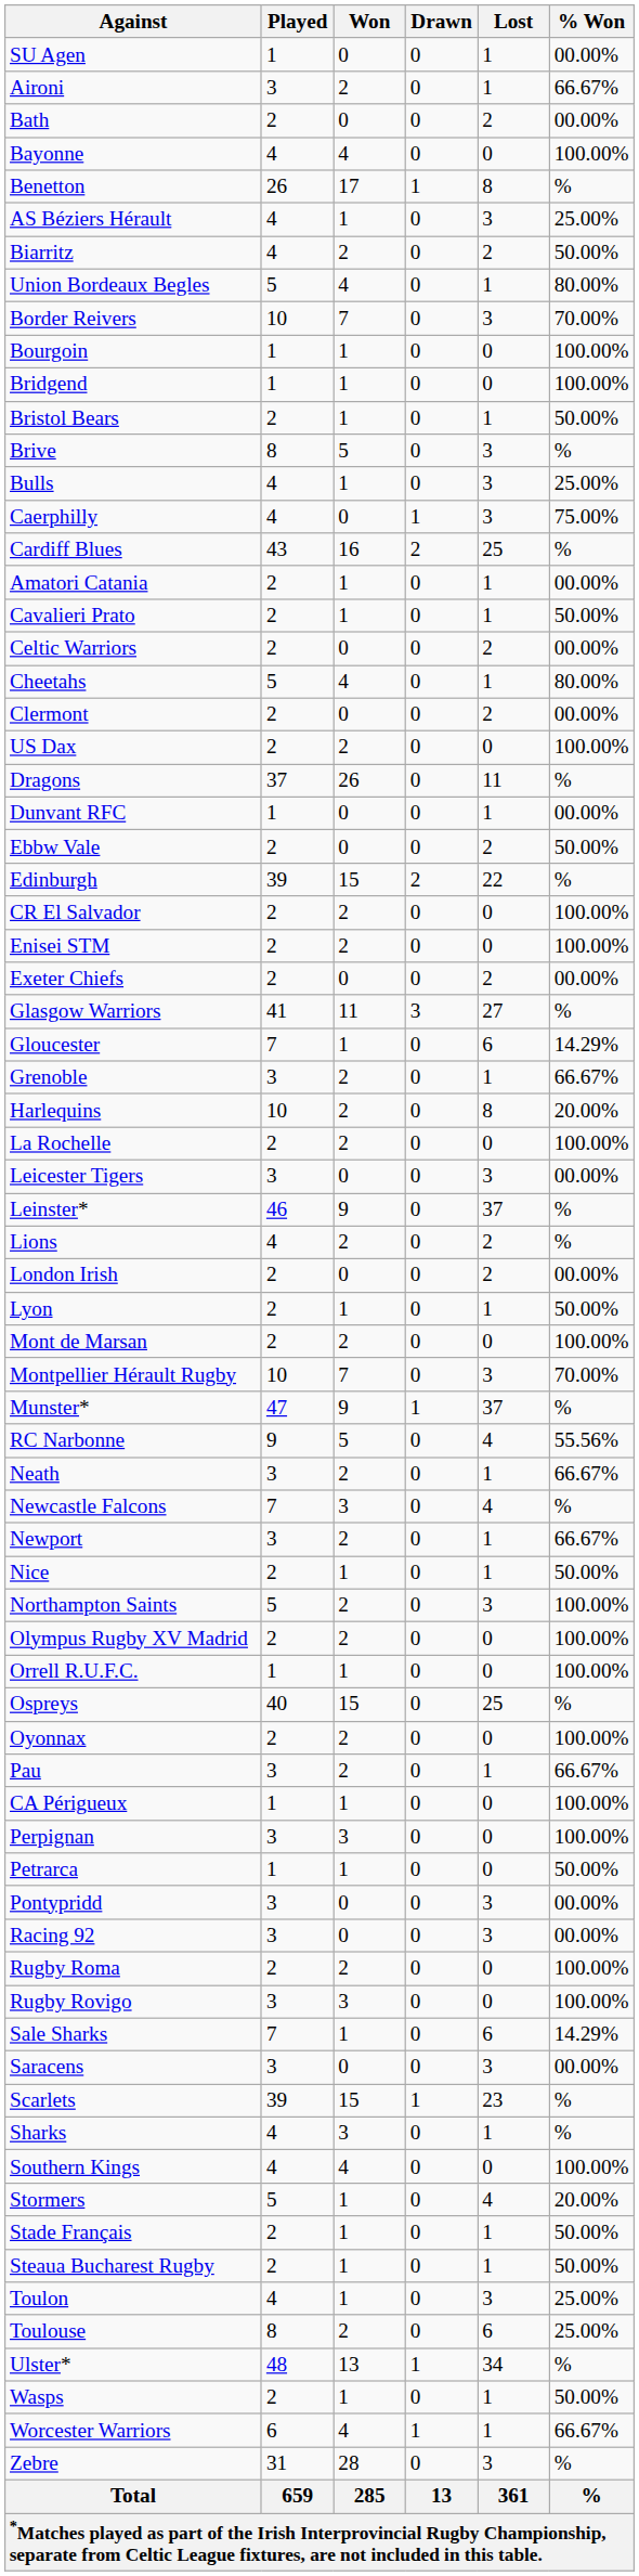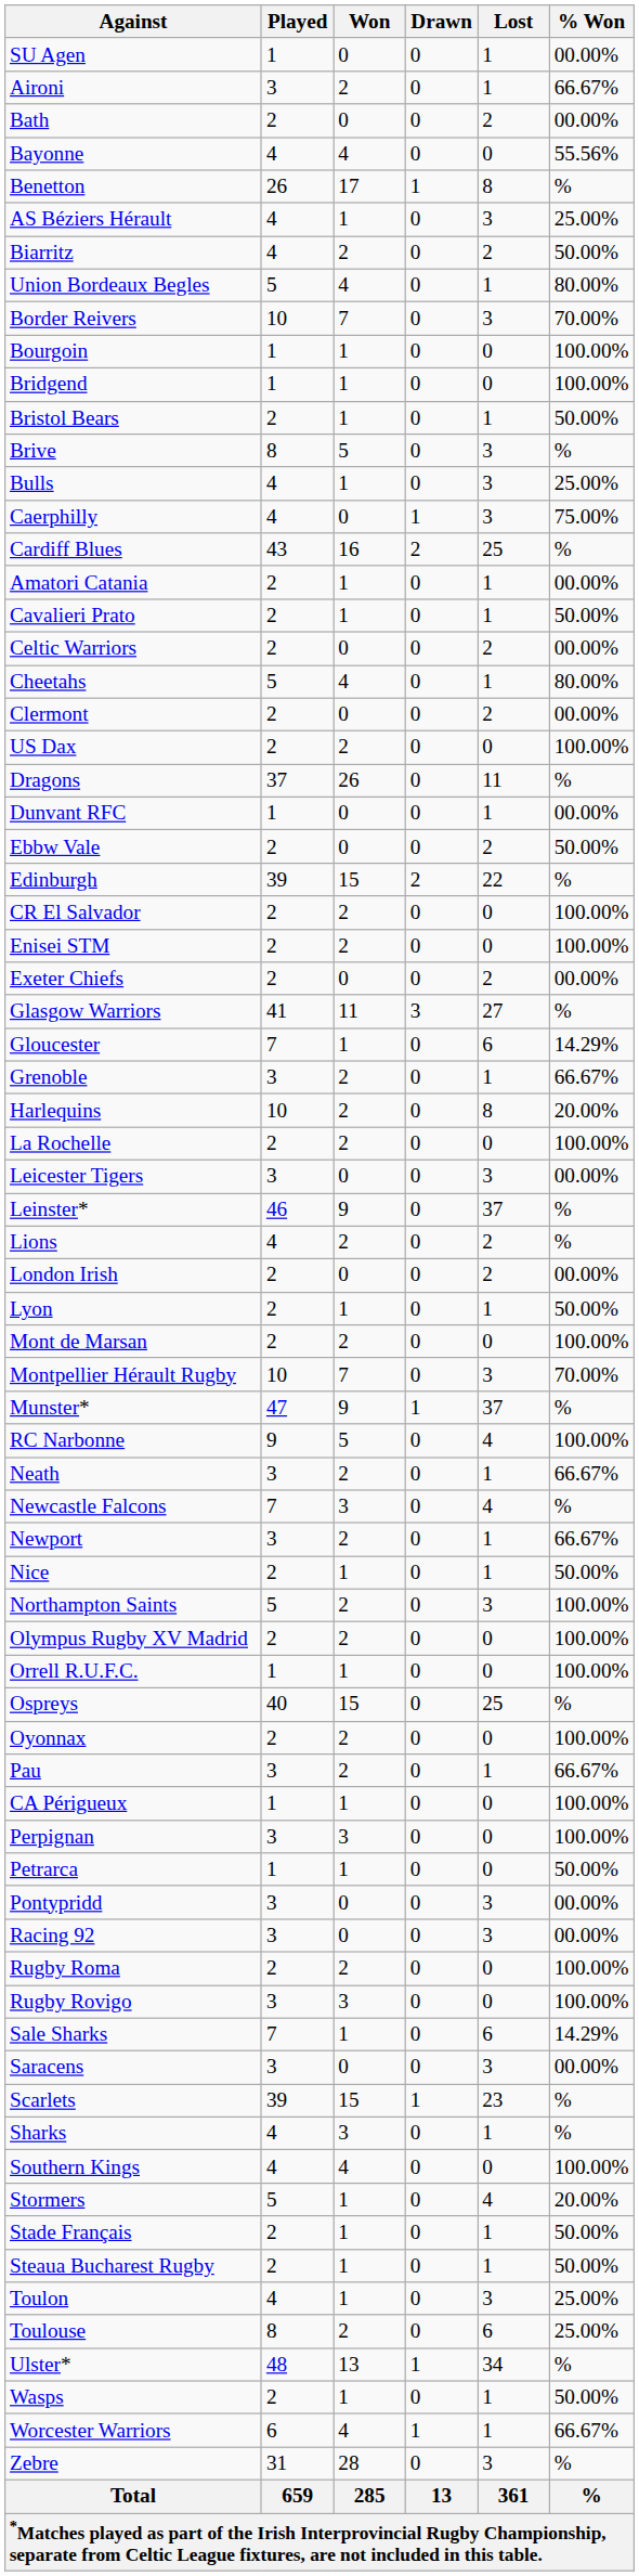 <table class = "wikitable sortable" style="text-align:left">
 <tr>
 <th width=190xp>Against</th>
 <th width=48xp>Played</th>
 <th width=48xp>Won</th>
 <th width=48xp>Drawn</th>
 <th width=48xp>Lost</th>
 <th width=48xp>% Won</th>
 </tr>
 <tr>
 <td style="text-align:left"> <a href='#'>SU Agen</a></td>
 <td>1</td>
 <td>0</td>
 <td>0</td>
 <td>1</td>
 <td>00.00%</td>
 </tr>
 <tr>
 <td style="text-align:left"> <a href='#'>Aironi</a></td>
 <td>3</td>
 <td>2</td>
 <td>0</td>
 <td>1</td>
 <td>66.67%</td>
 </tr>
 <tr>
 <td style="text-align:left"> <a href='#'>Bath</a></td>
 <td>2</td>
 <td>0</td>
 <td>0</td>
 <td>2</td>
 <td>00.00%</td>
 </tr>
 <tr>
 <td style="text-aling:left"> <a href='#'>Bayonne</a></td>
 <td>4</td>
 <td>4</td>
 <td>0</td>
 <td>0</td>
-<td>100.00%</td>
+<td>55.56%</td>
 </tr>
 <tr>
 <td style="text-align:left"> <a href='#'>Benetton</a></td>
 <td>26</td>
 <td>17</td>
 <td>1</td>
 <td>8</td>
 <td>%</td>
 </tr>
 <tr>
 <td style="text-align:left"> <a href='#'>AS Béziers Hérault</a></td>
 <td>4</td>
 <td>1</td>
 <td>0</td>
 <td>3</td>
 <td>25.00%</td>
 </tr>
 <tr>
 <td style="text-align:left"> <a href='#'>Biarritz</a></td>
 <td>4</td>
 <td>2</td>
 <td>0</td>
 <td>2</td>
 <td>50.00%</td>
 </tr>
 <tr>
 <td style="text-align:left"> <a href='#'>Union Bordeaux Begles</a></td>
 <td>5</td>
 <td>4</td>
 <td>0</td>
 <td>1</td>
 <td>80.00%</td>
 </tr>
 <tr>
 <td style="text-align:left"> <a href='#'>Border Reivers</a></td>
 <td>10</td>
 <td>7</td>
 <td>0</td>
 <td>3</td>
 <td>70.00%</td>
 </tr>
 <tr>
 <td style="text-align:left"> <a href='#'>Bourgoin</a></td>
 <td>1</td>
 <td>1</td>
 <td>0</td>
 <td>0</td>
 <td>100.00%</td>
 </tr>
 <tr>
 <td style="text-align:left"> <a href='#'>Bridgend</a></td>
 <td>1</td>
 <td>1</td>
 <td>0</td>
 <td>0</td>
 <td>100.00%</td>
 </tr>
 <tr>
 <td style="text-align:left"> <a href='#'>Bristol Bears</a></td>
 <td>2</td>
 <td>1</td>
 <td>0</td>
 <td>1</td>
 <td>50.00%</td>
 </tr>
 <tr>
 <td style="text-align:left"> <a href='#'>Brive</a></td>
 <td>8</td>
 <td>5</td>
 <td>0</td>
 <td>3</td>
 <td>%</td>
 </tr>
 <tr>
 <td style="text-align:left"> <a href='#'>Bulls</a></td>
 <td>4</td>
 <td>1</td>
 <td>0</td>
 <td>3</td>
 <td>25.00%</td>
 </tr>
 <tr>
 <td style="text-align:left"> <a href='#'>Caerphilly</a></td>
 <td>4</td>
 <td>0</td>
 <td>1</td>
 <td>3</td>
 <td>75.00%</td>
 </tr>
 <tr>
 <td style="text-align:left"> <a href='#'>Cardiff Blues</a></td>
 <td>43</td>
 <td>16</td>
 <td>2</td>
 <td>25</td>
 <td>%</td>
 </tr>
 <tr>
 <td style="text-align:left"> <a href='#'>Amatori Catania</a></td>
 <td>2</td>
 <td>1</td>
 <td>0</td>
 <td>1</td>
 <td>00.00%</td>
 </tr>
 <tr>
 <td style="text-align:left"> <a href='#'>Cavalieri Prato</a></td>
 <td>2</td>
 <td>1</td>
 <td>0</td>
 <td>1</td>
 <td>50.00%</td>
 </tr>
 <tr>
 <td style="text-align:left"> <a href='#'>Celtic Warriors</a></td>
 <td>2</td>
 <td>0</td>
 <td>0</td>
 <td>2</td>
 <td>00.00%</td>
 </tr>
 <tr>
 <td style="text-align:left"> <a href='#'>Cheetahs</a></td>
 <td>5</td>
 <td>4</td>
 <td>0</td>
 <td>1</td>
 <td>80.00%</td>
 </tr>
 <tr>
 <td style="text-align:left"> <a href='#'>Clermont</a></td>
 <td>2</td>
 <td>0</td>
 <td>0</td>
 <td>2</td>
 <td>00.00%</td>
 </tr>
 <tr>
 <td style="text-align:left"> <a href='#'>US Dax</a></td>
 <td>2</td>
 <td>2</td>
 <td>0</td>
 <td>0</td>
 <td>100.00%</td>
 </tr>
 <tr>
 <td style="text-align:left"> <a href='#'>Dragons</a></td>
 <td>37</td>
 <td>26</td>
 <td>0</td>
 <td>11</td>
 <td>%</td>
 </tr>
 <tr>
 <td style="text-align:left"> <a href='#'>Dunvant RFC</a></td>
 <td>1</td>
 <td>0</td>
 <td>0</td>
 <td>1</td>
 <td>00.00%</td>
 </tr>
 <tr>
 <td style="text-align:left"> <a href='#'>Ebbw Vale</a></td>
 <td>2</td>
 <td>0</td>
 <td>0</td>
 <td>2</td>
 <td>50.00%</td>
 </tr>
 <tr>
 <td style="text-align:left"> <a href='#'>Edinburgh</a></td>
 <td>39</td>
 <td>15</td>
 <td>2</td>
 <td>22</td>
 <td>%</td>
 </tr>
 <tr>
 <td style="text-align:left"> <a href='#'>CR El Salvador</a></td>
 <td>2</td>
 <td>2</td>
 <td>0</td>
 <td>0</td>
 <td>100.00%</td>
 </tr>
 <tr>
 <td style="text-align:left"> <a href='#'>Enisei STM</a></td>
 <td>2</td>
 <td>2</td>
 <td>0</td>
 <td>0</td>
 <td>100.00%</td>
 </tr>
 <tr>
 <td style="text-align:left"> <a href='#'>Exeter Chiefs</a></td>
 <td>2</td>
 <td>0</td>
 <td>0</td>
 <td>2</td>
 <td>00.00%</td>
 </tr>
 <tr>
 <td style="text-align:left"> <a href='#'>Glasgow Warriors</a></td>
 <td>41</td>
 <td>11</td>
 <td>3</td>
 <td>27</td>
 <td>%</td>
 </tr>
 <tr>
 <td style="text-align:left"> <a href='#'>Gloucester</a></td>
 <td>7</td>
 <td>1</td>
 <td>0</td>
 <td>6</td>
 <td>14.29%</td>
 </tr>
 <tr>
 <td style="text-align:left"> <a href='#'>Grenoble</a></td>
 <td>3</td>
 <td>2</td>
 <td>0</td>
 <td>1</td>
 <td>66.67%</td>
 </tr>
 <tr>
 <td style="text-align:left"> <a href='#'>Harlequins</a></td>
 <td>10</td>
 <td>2</td>
 <td>0</td>
 <td>8</td>
 <td>20.00%</td>
 </tr>
 <tr>
 <td style="text-align:left"> <a href='#'>La Rochelle</a></td>
 <td>2</td>
 <td>2</td>
 <td>0</td>
 <td>0</td>
 <td>100.00%</td>
 </tr>
 <tr>
 <td style="text-align:left"> <a href='#'>Leicester Tigers</a></td>
 <td>3</td>
 <td>0</td>
 <td>0</td>
 <td>3</td>
 <td>00.00%</td>
 </tr>
 <tr>
 <td style="text-align:left"> <a href='#'>Leinster</a>*</td>
 <td><a href='#'>46</a></td>
 <td>9</td>
 <td>0</td>
 <td>37</td>
 <td>%</td>
 </tr>
 <tr>
 <td style="text-align:left"> <a href='#'>Lions</a></td>
 <td>4</td>
 <td>2</td>
 <td>0</td>
 <td>2</td>
 <td>%</td>
 </tr>
 <tr>
 <td style="text-align:left"> <a href='#'>London Irish</a></td>
 <td>2</td>
 <td>0</td>
 <td>0</td>
 <td>2</td>
 <td>00.00%</td>
 </tr>
 <tr>
 <td style="text-align:left"> <a href='#'>Lyon</a></td>
 <td>2</td>
 <td>1</td>
 <td>0</td>
 <td>1</td>
 <td>50.00%</td>
 </tr>
 <tr>
 <td style="text-align:left"> <a href='#'>Mont de Marsan</a></td>
 <td>2</td>
 <td>2</td>
 <td>0</td>
 <td>0</td>
 <td>100.00%</td>
 </tr>
 <tr>
 <td style="text-align:left"> <a href='#'>Montpellier Hérault Rugby</a></td>
 <td>10</td>
 <td>7</td>
 <td>0</td>
 <td>3</td>
 <td>70.00%</td>
 </tr>
 <tr>
 <td style="text-align:left"> <a href='#'>Munster</a>*</td>
 <td><a href='#'>47</a></td>
 <td>9</td>
 <td>1</td>
 <td>37</td>
 <td>%</td>
 </tr>
 <tr>
 <td style="text-align:left"> <a href='#'>RC Narbonne</a></td>
 <td>9</td>
 <td>5</td>
 <td>0</td>
 <td>4</td>
-<td>55.56%</td>
+<td>100.00%</td>
 </tr>
 <tr>
 <td style="text-align:left"> <a href='#'>Neath</a></td>
 <td>3</td>
 <td>2</td>
 <td>0</td>
 <td>1</td>
 <td>66.67%</td>
 </tr>
 <tr>
 <td style="text-align:left"> <a href='#'>Newcastle Falcons</a></td>
 <td>7</td>
 <td>3</td>
 <td>0</td>
 <td>4</td>
 <td>%</td>
 </tr>
 <tr>
 <td style="text-align:left"> <a href='#'>Newport</a></td>
 <td>3</td>
 <td>2</td>
 <td>0</td>
 <td>1</td>
 <td>66.67%</td>
 </tr>
 <tr>
 <td style="text-align:left"> <a href='#'>Nice</a></td>
 <td>2</td>
 <td>1</td>
 <td>0</td>
 <td>1</td>
 <td>50.00%</td>
 </tr>
 <tr>
 <td style="text-align:left"> <a href='#'>Northampton Saints</a></td>
 <td>5</td>
 <td>2</td>
 <td>0</td>
 <td>3</td>
 <td>100.00%</td>
 </tr>
 <tr>
 <td style="text-align:left"> <a href='#'>Olympus Rugby XV Madrid</a></td>
 <td>2</td>
 <td>2</td>
 <td>0</td>
 <td>0</td>
 <td>100.00%</td>
 </tr>
 <tr>
 <td style="text-align:left"> <a href='#'>Orrell R.U.F.C.</a></td>
 <td>1</td>
 <td>1</td>
 <td>0</td>
 <td>0</td>
 <td>100.00%</td>
 </tr>
 <tr>
 <td style="text-align:left"> <a href='#'>Ospreys</a></td>
 <td>40</td>
 <td>15</td>
 <td>0</td>
 <td>25</td>
 <td>%</td>
 </tr>
 <tr>
 <td style="text-align:left"> <a href='#'>Oyonnax</a></td>
 <td>2</td>
 <td>2</td>
 <td>0</td>
 <td>0</td>
 <td>100.00%</td>
 </tr>
 <tr>
 <td style="text-align:left"> <a href='#'>Pau</a></td>
 <td>3</td>
 <td>2</td>
 <td>0</td>
 <td>1</td>
 <td>66.67%</td>
 </tr>
 <tr>
 <td style="text-align:left"> <a href='#'>CA Périgueux</a></td>
 <td>1</td>
 <td>1</td>
 <td>0</td>
 <td>0</td>
 <td>100.00%</td>
 </tr>
 <tr>
 <td style="text-align:left"> <a href='#'>Perpignan</a></td>
 <td>3</td>
 <td>3</td>
 <td>0</td>
 <td>0</td>
 <td>100.00%</td>
 </tr>
 <tr>
 <td style="text-align:left"> <a href='#'>Petrarca</a></td>
 <td>1</td>
 <td>1</td>
 <td>0</td>
 <td>0</td>
 <td>50.00%</td>
 </tr>
 <tr>
 <td style="text-align:left"> <a href='#'>Pontypridd</a></td>
 <td>3</td>
 <td>0</td>
 <td>0</td>
 <td>3</td>
 <td>00.00%</td>
 </tr>
 <tr>
 <td style="text-align:left"> <a href='#'>Racing 92</a></td>
 <td>3</td>
 <td>0</td>
 <td>0</td>
 <td>3</td>
 <td>00.00%</td>
 </tr>
 <tr>
 <td style="text-align:left"> <a href='#'>Rugby Roma</a></td>
 <td>2</td>
 <td>2</td>
 <td>0</td>
 <td>0</td>
 <td>100.00%</td>
 </tr>
 <tr>
 <td style="text-align:left"> <a href='#'>Rugby Rovigo</a></td>
 <td>3</td>
 <td>3</td>
 <td>0</td>
 <td>0</td>
 <td>100.00%</td>
 </tr>
 <tr>
 <td style="text-align:left"> <a href='#'>Sale Sharks</a></td>
 <td>7</td>
 <td>1</td>
 <td>0</td>
 <td>6</td>
 <td>14.29%</td>
 </tr>
 <tr>
 <td style="text-align:left"> <a href='#'>Saracens</a></td>
 <td>3</td>
 <td>0</td>
 <td>0</td>
 <td>3</td>
 <td>00.00%</td>
 </tr>
 <tr>
 <td style="text-align:left"> <a href='#'>Scarlets</a></td>
 <td>39</td>
 <td>15</td>
 <td>1</td>
 <td>23</td>
 <td>%</td>
 </tr>
 <tr>
 <td style="text-align:left"> <a href='#'>Sharks</a></td>
 <td>4</td>
 <td>3</td>
 <td>0</td>
 <td>1</td>
 <td>%</td>
 </tr>
 <tr>
 <td style="text-align:left"> <a href='#'>Southern Kings</a></td>
 <td>4</td>
 <td>4</td>
 <td>0</td>
 <td>0</td>
 <td>100.00%</td>
 </tr>
 <tr>
 <td style="text-align:left"> <a href='#'>Stormers</a></td>
 <td>5</td>
 <td>1</td>
 <td>0</td>
 <td>4</td>
 <td>20.00%</td>
 </tr>
 <tr>
 <td style="text-align:left"> <a href='#'>Stade Français</a></td>
 <td>2</td>
 <td>1</td>
 <td>0</td>
 <td>1</td>
 <td>50.00%</td>
 </tr>
 <tr>
 <td style="text-align:left"> <a href='#'>Steaua Bucharest Rugby</a></td>
 <td>2</td>
 <td>1</td>
 <td>0</td>
 <td>1</td>
 <td>50.00%</td>
 </tr>
 <tr>
 <td style="text-align:left"> <a href='#'>Toulon</a></td>
 <td>4</td>
 <td>1</td>
 <td>0</td>
 <td>3</td>
 <td>25.00%</td>
 </tr>
 <tr>
 <td style="text-align:left"> <a href='#'>Toulouse</a></td>
 <td>8</td>
 <td>2</td>
 <td>0</td>
 <td>6</td>
 <td>25.00%</td>
 </tr>
 <tr>
 <td style="text-align:left"> <a href='#'>Ulster</a>*</td>
 <td><a href='#'>48</a></td>
 <td>13</td>
 <td>1</td>
 <td>34</td>
 <td>%</td>
 </tr>
 <tr>
 <td style="text-align:left"> <a href='#'>Wasps</a></td>
 <td>2</td>
 <td>1</td>
 <td>0</td>
 <td>1</td>
 <td>50.00%</td>
 </tr>
 <tr>
 <td style="text-align:left"> <a href='#'>Worcester Warriors</a></td>
 <td>6</td>
 <td>4</td>
 <td>1</td>
 <td>1</td>
 <td>66.67%</td>
 </tr>
 <tr>
 <td style="text-align:left"> <a href='#'>Zebre</a></td>
 <td>31</td>
 <td>28</td>
 <td>0</td>
 <td>3</td>
 <td>%</td>
 </tr>
 <tr class="sortbottom">
 <th>Total</th>
 <th>659</th>
 <th>285</th>
 <th>13</th>
 <th>361</th>
 <th>%</th>
 </tr>
 <tr>
 <th colspan="6" style="text-align:left;font-size:90%"><sup>*</sup>Matches played as part of the Irish Interprovincial Rugby Championship, separate from Celtic League fixtures, are not included in this table.</th>
 </tr>
 </table>
